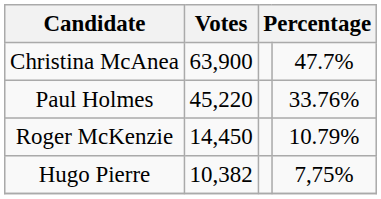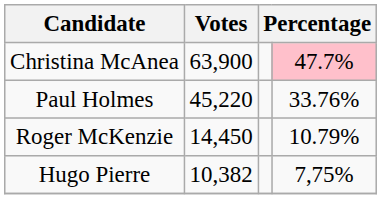 <table class="wikitable" style="font-size:95%; text-align:center">
 <tr>
 <th scope="col">Candidate</th>
 <th scope="col">Votes</th>
 <th scope="col" colspan="2">Percentage</th>
 </tr>
 <tr>
 <td>Christina McAnea</td>
 <td>63,900</td>
 <td align=center></td>
-<td>47.7%</td>
+<td style="background: pink;">47.7%</td>
 </tr>
 <tr>
 <td>Paul Holmes</td>
 <td>45,220</td>
 <td align=center></td>
 <td>33.76%</td>
 </tr>
 <tr>
 <td>Roger McKenzie</td>
 <td>14,450</td>
 <td align=center></td>
 <td>10.79%</td>
 </tr>
 <tr>
 <td>Hugo Pierre</td>
 <td>10,382</td>
 <td align=center></td>
 <td>7,75%</td>
 </tr>
 <tr>
 </tr>
 </table>
